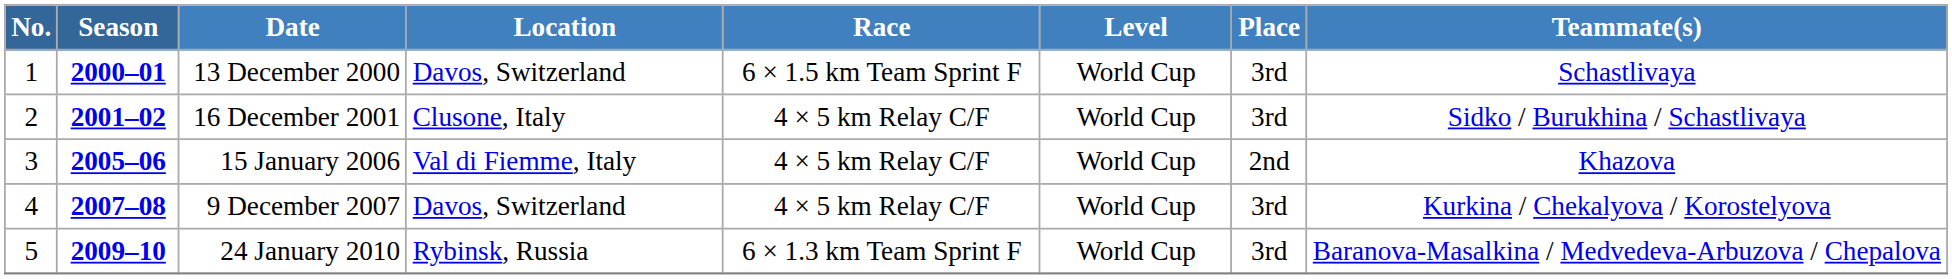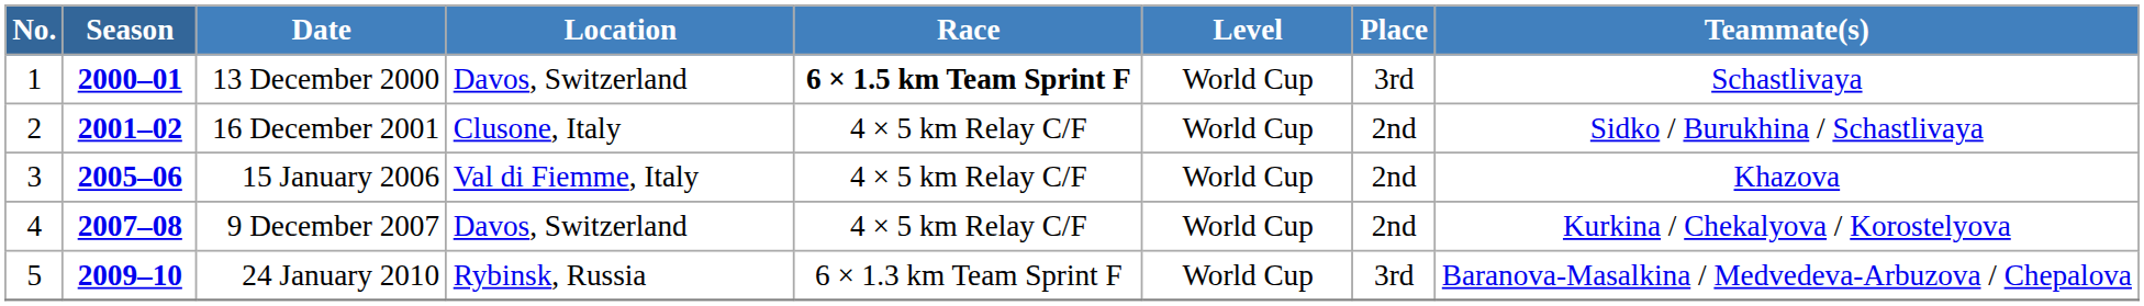 <table class="wikitable sortable" style="font-size:95%; text-align:center; border:grey solid 1px; border-collapse:collapse; background:#ffffff;">
 <tr style="background:#efefef;">
 <th style="background-color:#369; color:white;">No.</th>
 <th style="background-color:#369; color:white;">Season</th>
 <th style="background-color:#4180be; color:white; width:120px;">Date</th>
 <th style="background-color:#4180be; color:white; width:170px;">Location</th>
 <th style="background-color:#4180be; color:white; width:170px;">Race</th>
 <th style="background-color:#4180be; color:white; width:100px;">Level</th>
 <th style="background-color:#4180be; color:white;">Place</th>
 <th style="background-color:#4180be; color:white;">Teammate(s)</th>
 </tr>
 <tr>
 <td align=center>1</td>
 <td rowspan=1 align=center><strong> <a href='#'>2000–01</a> </strong></td>
 <td align=right>13 December 2000</td>
 <td align=left> <a href='#'>Davos</a>, Switzerland</td>
-<td>6 × 1.5 km Team Sprint F</td>
+<td><strong>6 × 1.5 km Team Sprint F</strong></td>
 <td>World Cup</td>
 <td>3rd</td>
 <td><a href='#'>Schastlivaya</a></td>
 </tr>
 <tr>
 <td align=center>2</td>
 <td rowspan=1 align=center><strong> <a href='#'>2001–02</a> </strong></td>
 <td align=right>16 December 2001</td>
 <td align=left> <a href='#'>Clusone</a>, Italy</td>
 <td>4 × 5 km Relay C/F</td>
 <td>World Cup</td>
-<td>3rd</td>
+<td>2nd</td>
 <td><a href='#'>Sidko</a> / <a href='#'>Burukhina</a> / <a href='#'>Schastlivaya</a></td>
 </tr>
 <tr>
 <td align=center>3</td>
 <td rowspan=1 align=center><strong> <a href='#'>2005–06</a> </strong></td>
 <td align=right>15 January 2006</td>
 <td align=left> <a href='#'>Val di Fiemme</a>, Italy</td>
 <td>4 × 5 km Relay C/F</td>
 <td>World Cup</td>
 <td>2nd</td>
 <td><a href='#'>Khazova</a></td>
 </tr>
 <tr>
 <td align=center>4</td>
 <td rowspan=1 align=center><strong> <a href='#'>2007–08</a> </strong></td>
 <td align=right>9 December 2007</td>
 <td align=left> <a href='#'>Davos</a>, Switzerland</td>
 <td>4 × 5 km Relay C/F</td>
 <td>World Cup</td>
-<td>3rd</td>
+<td>2nd</td>
 <td><a href='#'>Kurkina</a> / <a href='#'>Chekalyova</a> / <a href='#'>Korostelyova</a></td>
 </tr>
 <tr>
 <td align=center>5</td>
 <td rowspan=1 align=center><strong> <a href='#'>2009–10</a> </strong></td>
 <td align=right>24 January 2010</td>
 <td align=left> <a href='#'>Rybinsk</a>, Russia</td>
 <td>6 × 1.3 km Team Sprint F</td>
 <td>World Cup</td>
 <td>3rd</td>
 <td><a href='#'>Baranova-Masalkina</a> / <a href='#'>Medvedeva-Arbuzova</a> / <a href='#'>Chepalova</a></td>
 </tr>
 <tr>
 </tr>
 </table>
